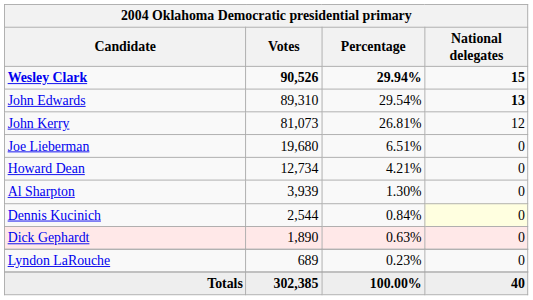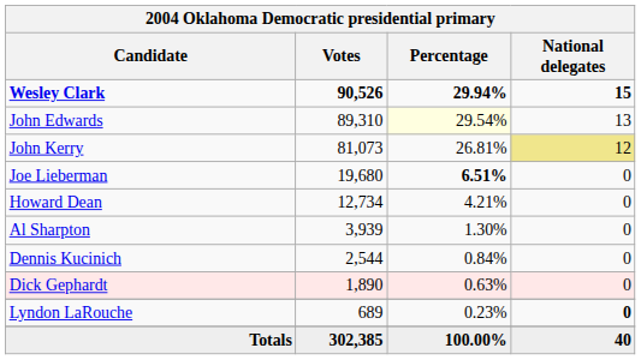 <table class="wikitable" style="font-size:95%;">
 <tr>
 <th colspan="4">2004 Oklahoma Democratic presidential primary</th>
 </tr>
 <tr>
 <th style="width: 17em">Candidate</th>
 <th style="width: 5em">Votes</th>
 <th style="width: 7em">Percentage</th>
 <th style="width: 7em">National delegates</th>
 </tr>
 <tr>
 <td><strong><a href='#'>Wesley Clark</a></strong></td>
 <td align="right"><strong>90,526</strong></td>
 <td align="right"><strong>29.94%</strong></td>
 <td align="right"><strong>15</strong></td>
 </tr>
 <tr>
 <td><a href='#'>John Edwards</a></td>
 <td align="right">89,310</td>
-<td align="right">29.54%</td>
-<td align="right"><strong>13</strong></td>
+<td align="right" style="background: lightyellow;">29.54%</td>
+<td align="right">13</td>
 </tr>
 <tr>
 <td><a href='#'>John Kerry</a></td>
 <td align="right">81,073</td>
 <td align="right">26.81%</td>
-<td align="right">12</td>
+<td align="right" style="background: khaki;">12</td>
 </tr>
 <tr>
 <td><a href='#'>Joe Lieberman</a></td>
 <td align="right">19,680</td>
-<td align="right">6.51%</td>
+<td align="right"><strong>6.51%</strong></td>
 <td align="right">0</td>
 </tr>
 <tr>
 <td><a href='#'>Howard Dean</a></td>
 <td align="right">12,734</td>
 <td align="right">4.21%</td>
 <td align="right">0</td>
 </tr>
 <tr>
 <td><a href='#'>Al Sharpton</a></td>
 <td align="right">3,939</td>
 <td align="right">1.30%</td>
 <td align="right">0</td>
 </tr>
 <tr>
 <td><a href='#'>Dennis Kucinich</a></td>
 <td align="right">2,544</td>
 <td align="right">0.84%</td>
-<td align="right" style="background: lightyellow;">0</td>
+<td align="right">0</td>
 </tr>
 <tr bgcolor=#FFE8E8>
 <td><a href='#'>Dick Gephardt</a></td>
 <td align="right">1,890</td>
 <td align="right">0.63%</td>
 <td align="right">0</td>
 </tr>
 <tr>
 </tr>
 <tr>
 <td><a href='#'>Lyndon LaRouche</a></td>
 <td align="right">689</td>
 <td align="right">0.23%</td>
-<td align="right">0</td>
+<td align="right"><strong>0</strong></td>
 </tr>
 <tr>
 </tr>
 <tr bgcolor="#EEEEEE">
 <td align="right"><strong>Totals</strong></td>
 <td align="right"><strong>302,385</strong></td>
 <td align="right"><strong>100.00%</strong></td>
 <td align="right"><strong>40</strong></td>
 </tr>
 </table>
